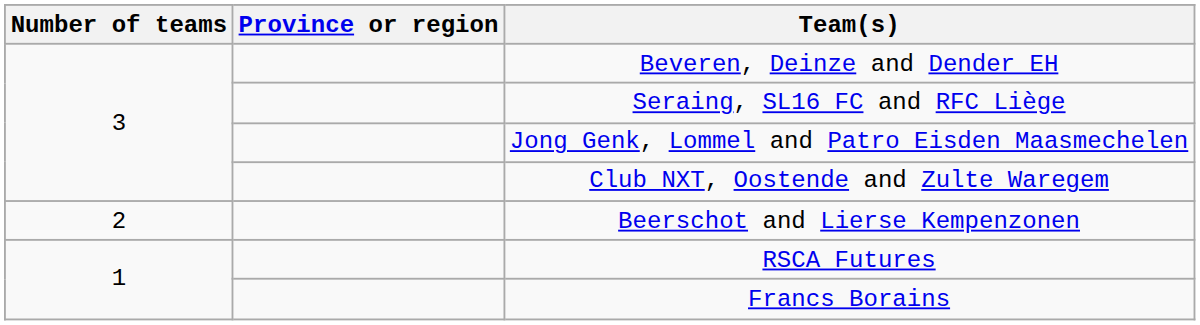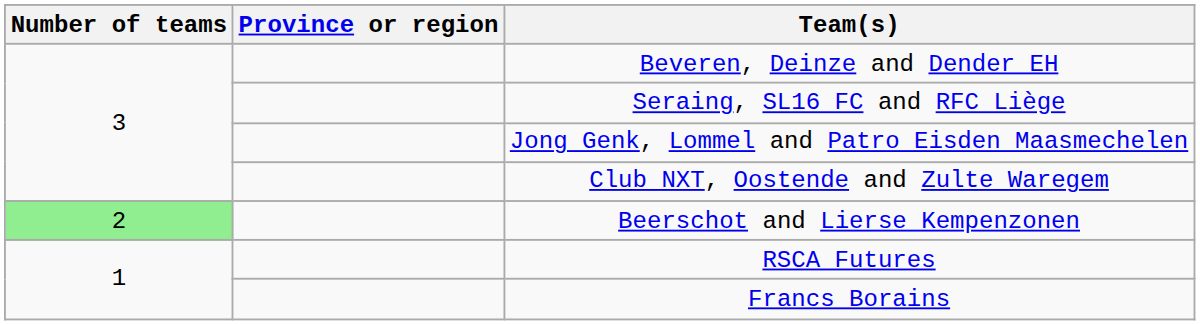 <table class="wikitable" style="text-align:center">
 <tr>
 <th>Number of teams</th>
 <th><a href='#'>Province</a> or region</th>
 <th>Team(s)</th>
 </tr>
 <tr>
 <td rowspan=4>3</td>
 <td align="left"></td>
 <td><a href='#'>Beveren</a>, <a href='#'>Deinze</a> and <a href='#'>Dender EH</a></td>
 </tr>
 <tr>
 <td align="left"></td>
 <td><a href='#'>Seraing</a>, <a href='#'>SL16 FC</a> and <a href='#'>RFC Liège</a></td>
 </tr>
 <tr>
 <td align="left"></td>
 <td><a href='#'>Jong Genk</a>, <a href='#'>Lommel</a> and <a href='#'>Patro Eisden Maasmechelen</a></td>
 </tr>
 <tr>
 <td align="left"></td>
 <td><a href='#'>Club NXT</a>, <a href='#'>Oostende</a> and <a href='#'>Zulte Waregem</a></td>
 </tr>
 <tr>
-<td rowspan=1>2</td>
+<td rowspan=1 style="background: lightgreen;">2</td>
 <td align="left"></td>
 <td><a href='#'>Beerschot</a> and <a href='#'>Lierse Kempenzonen</a></td>
 </tr>
 <tr>
 <td rowspan=2>1</td>
 <td align="left"></td>
 <td><a href='#'>RSCA Futures</a></td>
 </tr>
 <tr>
 <td align="left"></td>
 <td><a href='#'>Francs Borains</a></td>
 </tr>
 </table>
